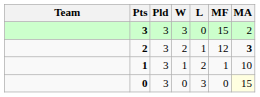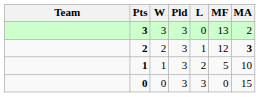 <table class=wikitable style="text-align:right">
 <tr>
 <th width=175>Team</th>
 <th width=20>Pts</th>
+<th width=20>W</th>
 <th width=20>Pld</th>
-<th width=20>W</th>
 <th width=20>L</th>
 <th width=20>MF</th>
 <th width=20>MA</th>
 </tr>
 <tr bgcolor=ccffcc>
 <td style="text-align:left"><strong></strong></td>
 <td><strong>3</strong></td>
 <td>3</td>
 <td>3</td>
 <td>0</td>
-<td>15</td>
+<td>13</td>
 <td>2</td>
 </tr>
 <tr>
 <td style="text-align:left"></td>
 <td><strong>2</strong></td>
+<td>2</td>
 <td>3</td>
-<td>2</td>
 <td>1</td>
 <td>12</td>
 <td><strong>3</strong></td>
 </tr>
 <tr>
 <td style="text-align:left"></td>
 <td><strong>1</strong></td>
+<td>1</td>
 <td>3</td>
-<td>1</td>
 <td>2</td>
-<td>1</td>
+<td>5</td>
 <td>10</td>
 </tr>
 <tr>
 <td style="text-align:left"></td>
 <td><strong>0</strong></td>
+<td>0</td>
+<td>3</td>
 <td>3</td>
 <td>0</td>
-<td>3</td>
-<td>0</td>
-<td style="background: lightyellow;">15</td>
+<td>15</td>
 </tr>
 </table>
